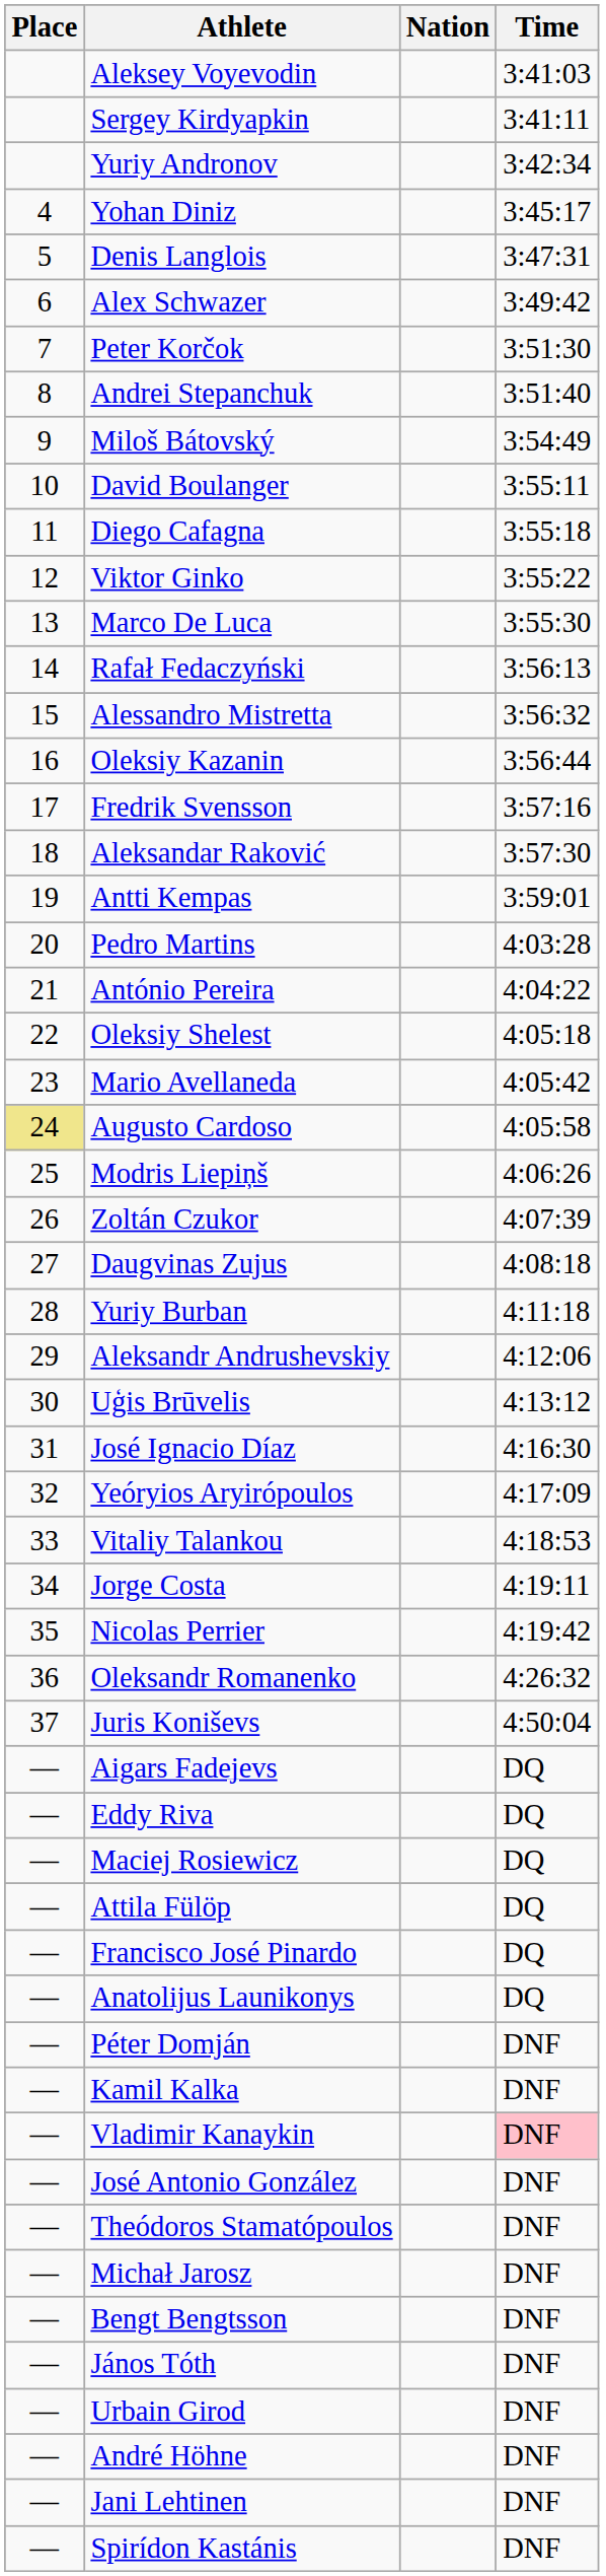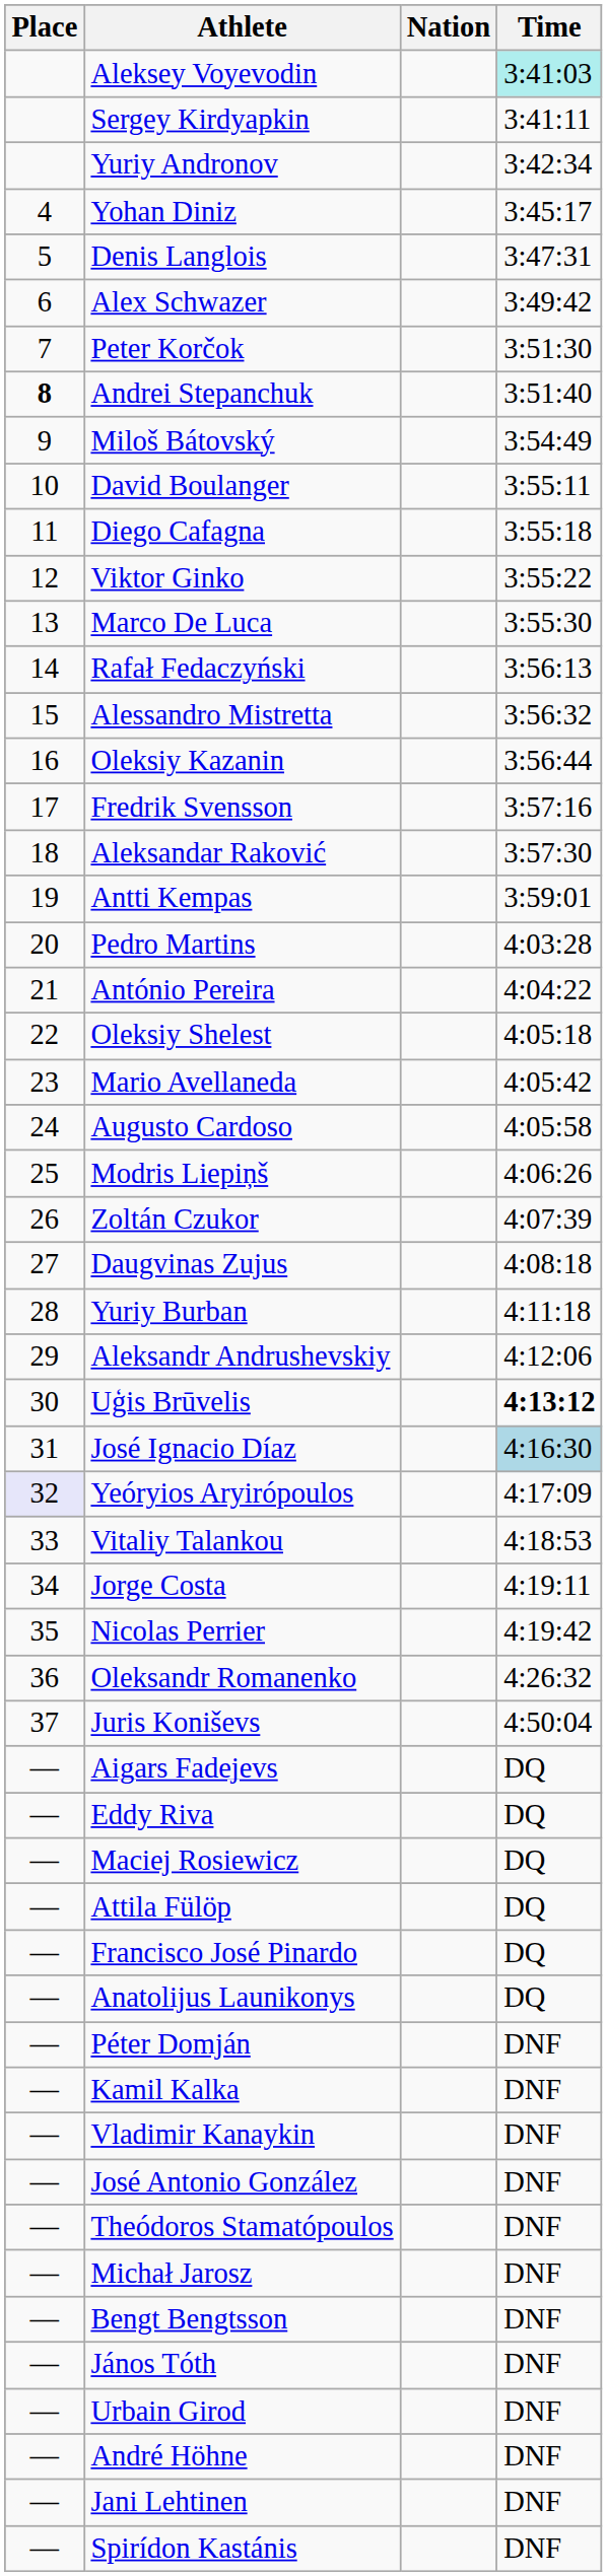 <table class="wikitable sortable">
 <tr>
 <th>Place</th>
 <th>Athlete</th>
 <th>Nation</th>
 <th>Time</th>
 </tr>
 <tr>
 <td align=center></td>
 <td><a href='#'>Aleksey Voyevodin</a></td>
 <td></td>
-<td>3:41:03</td>
+<td style="background: paleturquoise;">3:41:03</td>
 </tr>
 <tr>
 <td align=center></td>
 <td><a href='#'>Sergey Kirdyapkin</a></td>
 <td></td>
 <td>3:41:11</td>
 </tr>
 <tr>
 <td align=center></td>
 <td><a href='#'>Yuriy Andronov</a></td>
 <td></td>
 <td>3:42:34</td>
 </tr>
 <tr>
 <td align=center>4</td>
 <td><a href='#'>Yohan Diniz</a></td>
 <td></td>
 <td>3:45:17</td>
 </tr>
 <tr>
 <td align=center>5</td>
 <td><a href='#'>Denis Langlois</a></td>
 <td></td>
 <td>3:47:31</td>
 </tr>
 <tr>
 <td align=center>6</td>
 <td><a href='#'>Alex Schwazer</a></td>
 <td></td>
 <td>3:49:42</td>
 </tr>
 <tr>
 <td align=center>7</td>
 <td><a href='#'>Peter Korčok</a></td>
 <td></td>
 <td>3:51:30</td>
 </tr>
 <tr>
-<td align=center>8</td>
+<td align=center><strong>8</strong></td>
 <td><a href='#'>Andrei Stepanchuk</a></td>
 <td></td>
 <td>3:51:40</td>
 </tr>
 <tr>
 <td align=center>9</td>
 <td><a href='#'>Miloš Bátovský</a></td>
 <td></td>
 <td>3:54:49</td>
 </tr>
 <tr>
 <td align=center>10</td>
 <td><a href='#'>David Boulanger</a></td>
 <td></td>
 <td>3:55:11</td>
 </tr>
 <tr>
 <td align=center>11</td>
 <td><a href='#'>Diego Cafagna</a></td>
 <td></td>
 <td>3:55:18</td>
 </tr>
 <tr>
 <td align=center>12</td>
 <td><a href='#'>Viktor Ginko</a></td>
 <td></td>
 <td>3:55:22</td>
 </tr>
 <tr>
 <td align=center>13</td>
 <td><a href='#'>Marco De Luca</a></td>
 <td></td>
 <td>3:55:30</td>
 </tr>
 <tr>
 <td align=center>14</td>
 <td><a href='#'>Rafał Fedaczyński</a></td>
 <td></td>
 <td>3:56:13</td>
 </tr>
 <tr>
 <td align=center>15</td>
 <td><a href='#'>Alessandro Mistretta</a></td>
 <td></td>
 <td>3:56:32</td>
 </tr>
 <tr>
 <td align=center>16</td>
 <td><a href='#'>Oleksiy Kazanin</a></td>
 <td></td>
 <td>3:56:44</td>
 </tr>
 <tr>
 <td align=center>17</td>
 <td><a href='#'>Fredrik Svensson</a></td>
 <td></td>
 <td>3:57:16</td>
 </tr>
 <tr>
 <td align=center>18</td>
 <td><a href='#'>Aleksandar Raković</a></td>
 <td></td>
 <td>3:57:30</td>
 </tr>
 <tr>
 <td align=center>19</td>
 <td><a href='#'>Antti Kempas</a></td>
 <td></td>
 <td>3:59:01</td>
 </tr>
 <tr>
 <td align=center>20</td>
 <td><a href='#'>Pedro Martins</a></td>
 <td></td>
 <td>4:03:28</td>
 </tr>
 <tr>
 <td align=center>21</td>
 <td><a href='#'>António Pereira</a></td>
 <td></td>
 <td>4:04:22</td>
 </tr>
 <tr>
 <td align=center>22</td>
 <td><a href='#'>Oleksiy Shelest</a></td>
 <td></td>
 <td>4:05:18</td>
 </tr>
 <tr>
 <td align=center>23</td>
 <td><a href='#'>Mario Avellaneda</a></td>
 <td></td>
 <td>4:05:42</td>
 </tr>
 <tr>
-<td align=center style="background: khaki;">24</td>
+<td align=center>24</td>
 <td><a href='#'>Augusto Cardoso</a></td>
 <td></td>
 <td>4:05:58</td>
 </tr>
 <tr>
 <td align=center>25</td>
 <td><a href='#'>Modris Liepiņš</a></td>
 <td></td>
 <td>4:06:26</td>
 </tr>
 <tr>
 <td align=center>26</td>
 <td><a href='#'>Zoltán Czukor</a></td>
 <td></td>
 <td>4:07:39</td>
 </tr>
 <tr>
 <td align=center>27</td>
 <td><a href='#'>Daugvinas Zujus</a></td>
 <td></td>
 <td>4:08:18</td>
 </tr>
 <tr>
 <td align=center>28</td>
 <td><a href='#'>Yuriy Burban</a></td>
 <td></td>
 <td>4:11:18</td>
 </tr>
 <tr>
 <td align=center>29</td>
 <td><a href='#'>Aleksandr Andrushevskiy</a></td>
 <td></td>
 <td>4:12:06</td>
 </tr>
 <tr>
 <td align=center>30</td>
 <td><a href='#'>Uģis Brūvelis</a></td>
 <td></td>
-<td>4:13:12</td>
+<td><strong>4:13:12</strong></td>
 </tr>
 <tr>
 <td align=center>31</td>
 <td><a href='#'>José Ignacio Díaz</a></td>
 <td></td>
-<td>4:16:30</td>
+<td style="background: lightblue;">4:16:30</td>
 </tr>
 <tr>
-<td align=center>32</td>
+<td align=center style="background: lavender;">32</td>
 <td><a href='#'>Yeóryios Aryirópoulos</a></td>
 <td></td>
 <td>4:17:09</td>
 </tr>
 <tr>
 <td align=center>33</td>
 <td><a href='#'>Vitaliy Talankou</a></td>
 <td></td>
 <td>4:18:53</td>
 </tr>
 <tr>
 <td align=center>34</td>
 <td><a href='#'>Jorge Costa</a></td>
 <td></td>
 <td>4:19:11</td>
 </tr>
 <tr>
 <td align=center>35</td>
 <td><a href='#'>Nicolas Perrier</a></td>
 <td></td>
 <td>4:19:42</td>
 </tr>
 <tr>
 <td align=center>36</td>
 <td><a href='#'>Oleksandr Romanenko</a></td>
 <td></td>
 <td>4:26:32</td>
 </tr>
 <tr>
 <td align=center>37</td>
 <td><a href='#'>Juris Koniševs</a></td>
 <td></td>
 <td>4:50:04</td>
 </tr>
 <tr>
 <td align=center>—</td>
 <td><a href='#'>Aigars Fadejevs</a></td>
 <td></td>
 <td>DQ</td>
 </tr>
 <tr>
 <td align=center>—</td>
 <td><a href='#'>Eddy Riva</a></td>
 <td></td>
 <td>DQ</td>
 </tr>
 <tr>
 <td align=center>—</td>
 <td><a href='#'>Maciej Rosiewicz</a></td>
 <td></td>
 <td>DQ</td>
 </tr>
 <tr>
 <td align=center>—</td>
 <td><a href='#'>Attila Fülöp</a></td>
 <td></td>
 <td>DQ</td>
 </tr>
 <tr>
 <td align=center>—</td>
 <td><a href='#'>Francisco José Pinardo</a></td>
 <td></td>
 <td>DQ</td>
 </tr>
 <tr>
 <td align=center>—</td>
 <td><a href='#'>Anatolijus Launikonys</a></td>
 <td></td>
 <td>DQ</td>
 </tr>
 <tr>
 <td align=center>—</td>
 <td><a href='#'>Péter Domján</a></td>
 <td></td>
 <td>DNF</td>
 </tr>
 <tr>
 <td align=center>—</td>
 <td><a href='#'>Kamil Kalka</a></td>
 <td></td>
 <td>DNF</td>
 </tr>
 <tr>
 <td align=center>—</td>
 <td><a href='#'>Vladimir Kanaykin</a></td>
 <td></td>
-<td style="background: pink;">DNF</td>
+<td>DNF</td>
 </tr>
 <tr>
 <td align=center>—</td>
 <td><a href='#'>José Antonio González</a></td>
 <td></td>
 <td>DNF</td>
 </tr>
 <tr>
 <td align=center>—</td>
 <td><a href='#'>Theódoros Stamatópoulos</a></td>
 <td></td>
 <td>DNF</td>
 </tr>
 <tr>
 <td align=center>—</td>
 <td><a href='#'>Michał Jarosz</a></td>
 <td></td>
 <td>DNF</td>
 </tr>
 <tr>
 <td align=center>—</td>
 <td><a href='#'>Bengt Bengtsson</a></td>
 <td></td>
 <td>DNF</td>
 </tr>
 <tr>
 <td align=center>—</td>
 <td><a href='#'>János Tóth</a></td>
 <td></td>
 <td>DNF</td>
 </tr>
 <tr>
 <td align=center>—</td>
 <td><a href='#'>Urbain Girod</a></td>
 <td></td>
 <td>DNF</td>
 </tr>
 <tr>
 <td align=center>—</td>
 <td><a href='#'>André Höhne</a></td>
 <td></td>
 <td>DNF</td>
 </tr>
 <tr>
 <td align=center>—</td>
 <td><a href='#'>Jani Lehtinen</a></td>
 <td></td>
 <td>DNF</td>
 </tr>
 <tr>
 <td align=center>—</td>
 <td><a href='#'>Spirídon Kastánis</a></td>
 <td></td>
 <td>DNF</td>
 </tr>
 </table>
